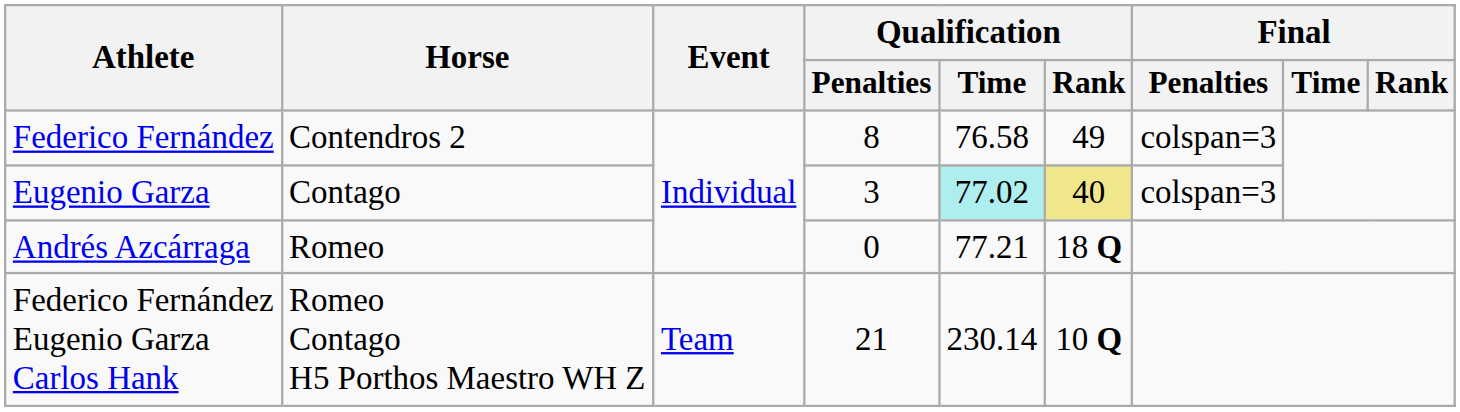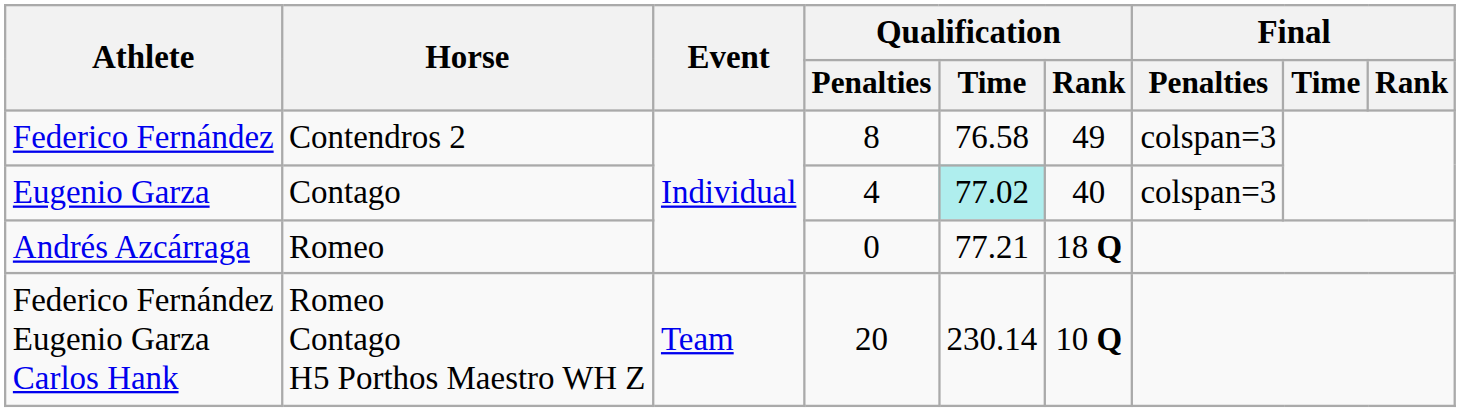 <table class="wikitable" style="font-size:90%">
 <tr>
 <th rowspan="2">Athlete</th>
 <th rowspan="2">Horse</th>
 <th rowspan="2">Event</th>
 <th colspan="3">Qualification</th>
 <th colspan="3">Final</th>
 </tr>
 <tr style="font-size:95%">
 <th>Penalties</th>
 <th>Time</th>
 <th>Rank</th>
 <th>Penalties</th>
 <th>Time</th>
 <th>Rank</th>
 </tr>
 <tr align=center>
 <td align=left><a href='#'>Federico Fernández</a></td>
 <td align=left>Contendros 2</td>
 <td align=left rowspan=3><a href='#'>Individual</a></td>
 <td>8</td>
 <td>76.58</td>
 <td>49</td>
 <td>colspan=3</td>
 </tr>
 <tr align=center>
 <td align=left><a href='#'>Eugenio Garza</a></td>
 <td align=left>Contago</td>
-<td>3</td>
+<td>4</td>
 <td style="background: paleturquoise;">77.02</td>
-<td style="background: khaki;">40</td>
+<td>40</td>
 <td>colspan=3</td>
 </tr>
 <tr align=center>
 <td align=left><a href='#'>Andrés Azcárraga</a></td>
 <td align=left>Romeo</td>
 <td>0</td>
 <td>77.21</td>
 <td>18 <strong>Q</strong></td>
 <td colspan=3></td>
 </tr>
 <tr align=center>
 <td align=left>Federico Fernández<br>Eugenio Garza<br><a href='#'>Carlos Hank</a></td>
 <td align=left>Romeo<br>Contago<br>H5 Porthos Maestro WH Z</td>
 <td align=left><a href='#'>Team</a></td>
-<td>21</td>
+<td>20</td>
 <td>230.14</td>
 <td>10 <strong>Q</strong></td>
 <td colspan=3></td>
 </tr>
 </table>
